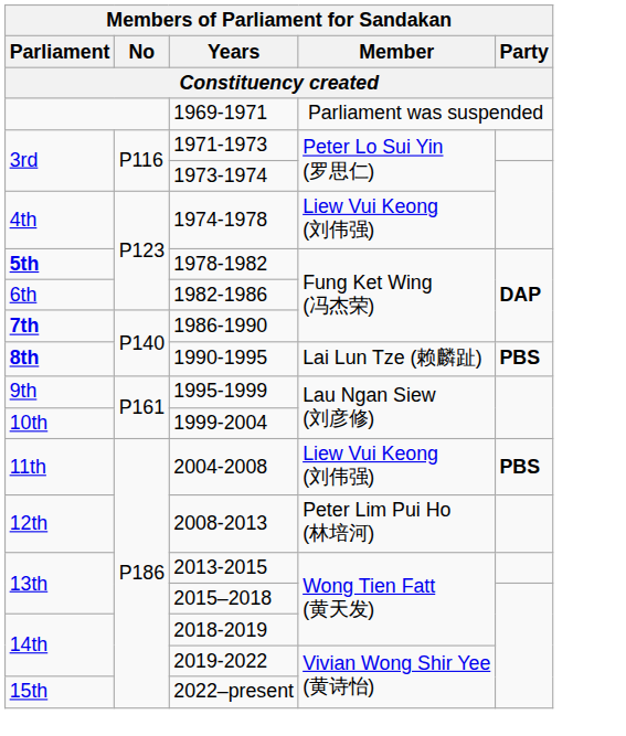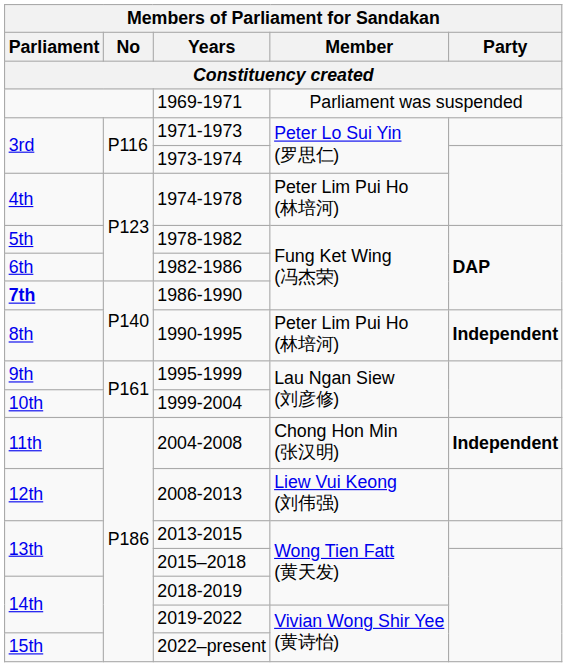 <table class=wikitable>
 <tr>
 <th colspan="5">Members of Parliament for Sandakan</th>
 </tr>
 <tr>
 <th>Parliament</th>
 <th>No</th>
 <th>Years</th>
 <th>Member</th>
 <th>Party</th>
 </tr>
 <tr>
 <th colspan="5" align="center"><em>Constituency created</em></th>
 </tr>
 <tr>
 <td colspan="2"></td>
 <td>1969-1971</td>
 <td colspan=2 align=center>Parliament was suspended</td>
 </tr>
 <tr>
 <td rowspan=2><a href='#'>3rd</a></td>
 <td rowspan="2">P116</td>
 <td>1971-1973</td>
 <td rowspan=2><a href='#'>Peter Lo Sui Yin</a> <br> (罗思仁)</td>
 <td></td>
 </tr>
 <tr>
 <td>1973-1974</td>
 <td rowspan=2></td>
 </tr>
 <tr>
 <td><a href='#'>4th</a></td>
 <td rowspan="3">P123</td>
 <td>1974-1978</td>
-<td><a href='#'>Liew Vui Keong</a> <br> (刘伟强)</td>
+<td>Peter Lim Pui Ho <br> (林培河)</td>
 </tr>
 <tr>
-<td><strong><a href='#'>5th</a></strong></td>
+<td><a href='#'>5th</a></td>
 <td>1978-1982</td>
 <td rowspan=3>Fung Ket Wing  <br>(冯杰荣)</td>
 <td rowspan="3"><strong>DAP</strong></td>
 </tr>
 <tr>
 <td><a href='#'>6th</a></td>
 <td>1982-1986</td>
 </tr>
 <tr>
 <td><strong><a href='#'>7th</a></strong></td>
 <td rowspan="2">P140</td>
 <td>1986-1990</td>
 </tr>
 <tr>
-<td><strong><a href='#'>8th</a></strong></td>
+<td><a href='#'>8th</a></td>
 <td>1990-1995</td>
-<td>Lai Lun Tze (赖麟趾)</td>
-<td><strong>PBS</strong></td>
+<td>Peter Lim Pui Ho <br> (林培河)</td>
+<td><strong>Independent</strong></td>
 </tr>
 <tr>
 <td><a href='#'>9th</a></td>
 <td rowspan="2">P161</td>
 <td>1995-1999</td>
 <td rowspan=2>Lau Ngan Siew <br> (刘彦修)</td>
 <td rowspan="2"></td>
 </tr>
 <tr>
 <td><a href='#'>10th</a></td>
 <td>1999-2004</td>
 </tr>
 <tr>
 <td><a href='#'>11th</a></td>
 <td rowspan=7>P186</td>
 <td>2004-2008</td>
-<td><a href='#'>Liew Vui Keong</a> <br> (刘伟强)</td>
-<td><strong>PBS</strong></td>
+<td>Chong Hon Min  <br>(张汉明)</td>
+<td><strong>Independent</strong></td>
 </tr>
 <tr>
 <td><a href='#'>12th</a></td>
 <td>2008-2013</td>
-<td>Peter Lim Pui Ho <br> (林培河)</td>
+<td><a href='#'>Liew Vui Keong</a> <br> (刘伟强)</td>
 <td></td>
 </tr>
 <tr>
 <td rowspan=2><a href='#'>13th</a></td>
 <td>2013-2015</td>
 <td rowspan=3><a href='#'>Wong Tien Fatt</a> <br> (黄天发)</td>
 <td></td>
 </tr>
 <tr>
 <td>2015–2018</td>
 <td rowspan=4></td>
 </tr>
 <tr>
 <td rowspan="2"><a href='#'>14th</a></td>
 <td>2018-2019</td>
 </tr>
 <tr>
 <td>2019-2022</td>
 <td rowspan=2><a href='#'>Vivian Wong Shir Yee</a> <br> (黄诗怡)</td>
 </tr>
 <tr>
 <td><a href='#'>15th</a></td>
 <td>2022–present</td>
 </tr>
 </table>
